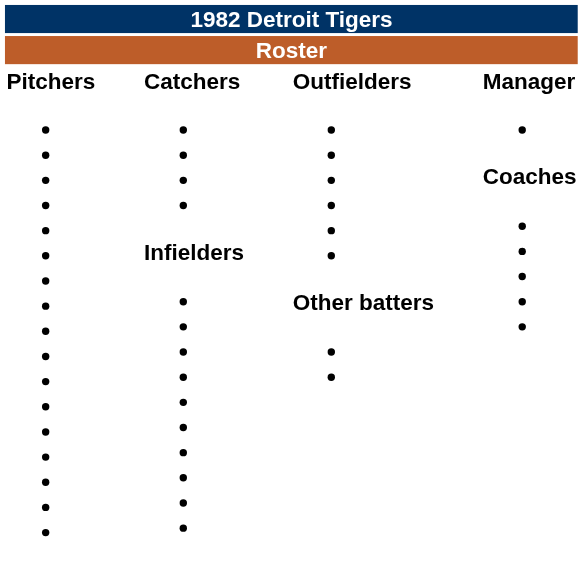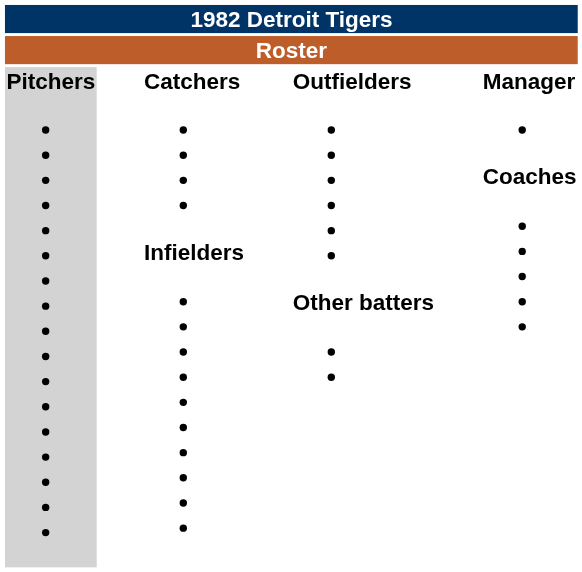 <table class="toccolours" style="font-size: 95%;">
 <tr>
 <th colspan="10" style="background-color: #003366; color: white; text-align: center;">1982 Detroit Tigers</th>
 </tr>
 <tr>
 <td colspan="10" style="background-color: #bd5d29; color: white; text-align: center;"><strong>Roster</strong></td>
 </tr>
 <tr>
-<td valign="top"><strong>Pitchers</strong><br><ul><li></li><li></li><li></li><li></li><li></li><li></li><li></li><li></li><li></li><li></li><li></li><li></li><li></li><li></li><li></li><li></li><li></li></ul></td>
+<td valign="top" style="background: lightgrey;"><strong>Pitchers</strong><br><ul><li></li><li></li><li></li><li></li><li></li><li></li><li></li><li></li><li></li><li></li><li></li><li></li><li></li><li></li><li></li><li></li><li></li></ul></td>
 <td width="25px"></td>
 <td valign="top"><strong>Catchers</strong><br><ul><li></li><li></li><li></li><li></li></ul><strong>Infielders</strong><ul><li></li><li></li><li></li><li></li><li></li><li></li><li></li><li></li><li></li><li></li></ul></td>
 <td width="25px"></td>
 <td valign="top"><strong>Outfielders</strong><br><ul><li></li><li></li><li></li><li></li><li></li><li></li></ul><strong>Other batters</strong><ul><li></li><li></li></ul></td>
 <td width="25px"></td>
 <td valign="top"><strong>Manager</strong><br><ul><li></li></ul><strong>Coaches</strong><ul><li></li><li></li><li></li><li></li><li></li></ul></td>
 </tr>
 <tr>
 </tr>
 </table>
